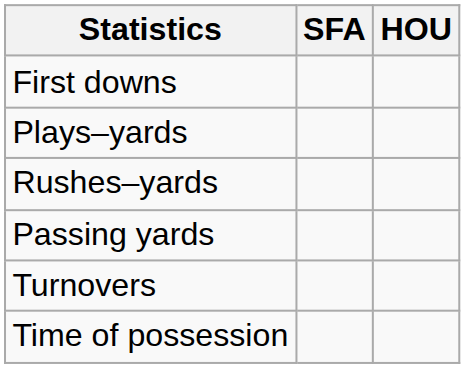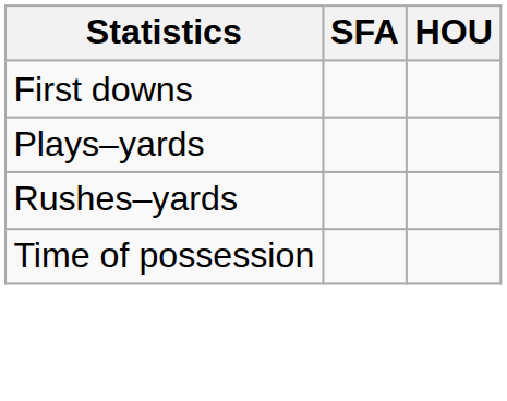 <table class="wikitable" style="float:left">
 <tr>
 <th>Statistics</th>
 <th>SFA</th>
 <th>HOU</th>
 </tr>
 <tr>
 <td>First downs</td>
 <td></td>
 <td></td>
 </tr>
 <tr>
 <td>Plays–yards</td>
 <td></td>
 <td></td>
 </tr>
 <tr>
 <td>Rushes–yards</td>
 <td></td>
 <td></td>
 </tr>
 <tr>
-<td>Passing yards</td>
-<td></td>
-<td></td>
-</tr>
-<tr>
-<td>Turnovers</td>
-<td></td>
-<td></td>
-</tr>
-<tr>
 <td>Time of possession</td>
 <td></td>
 <td></td>
 </tr>
 </table>
